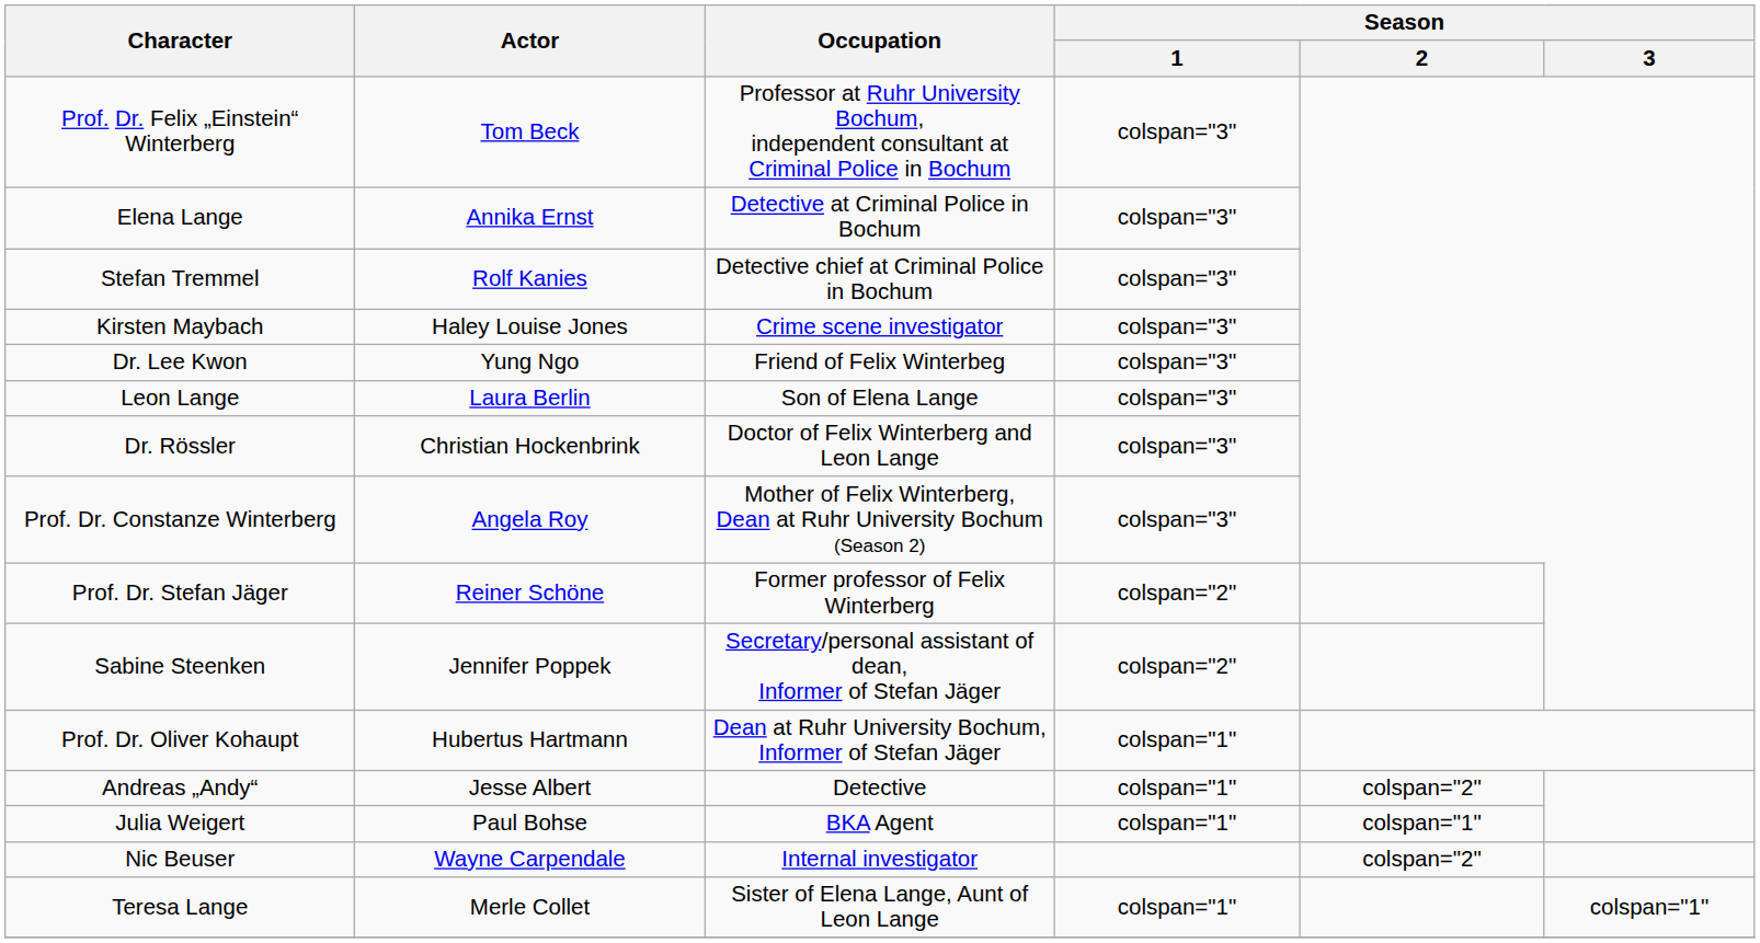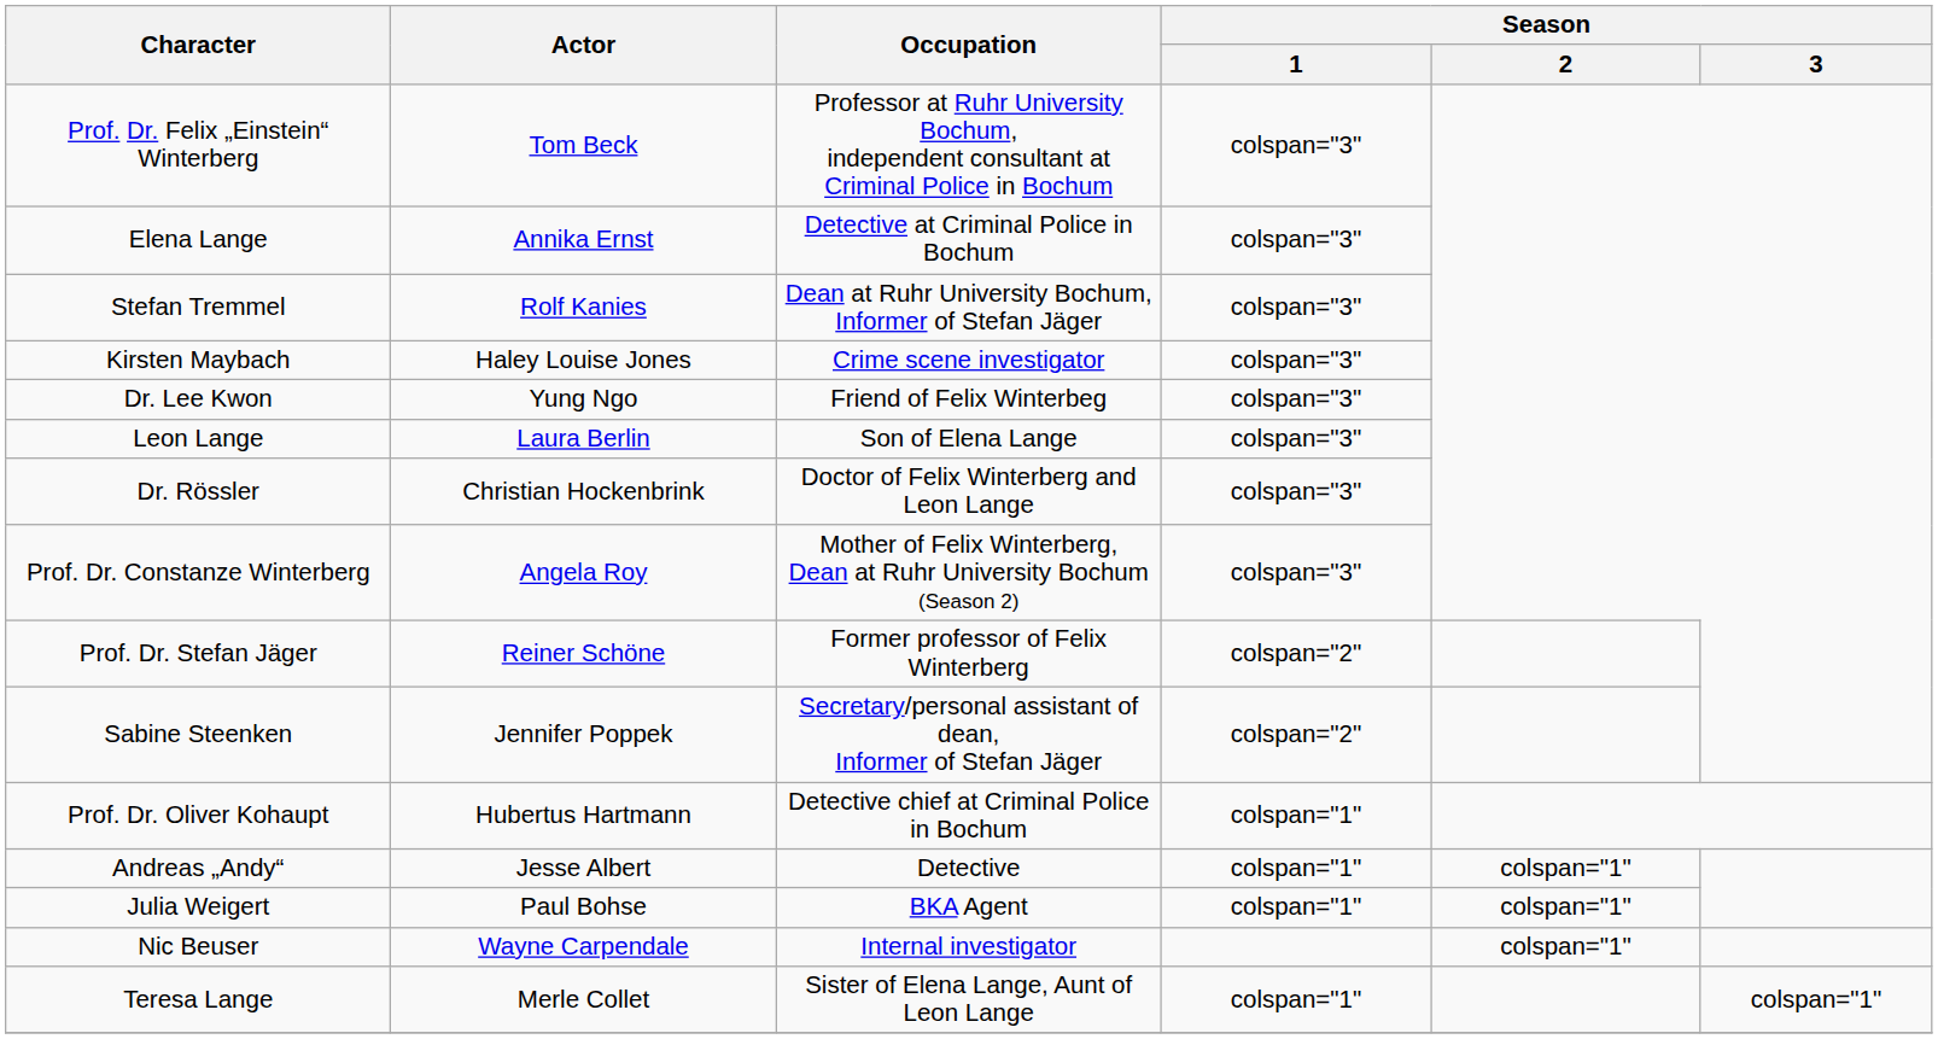 <table class="wikitable plainrowheaders" style="text-align:center">
 <tr>
 <th rowspan="2" style="width:20%;" scope="col">Character</th>
 <th rowspan="2" style="width:20%;" scope="col">Actor</th>
 <th rowspan="2" style="width:20%;" scope="col">Occupation</th>
 <th colspan="8">Season</th>
 </tr>
 <tr>
 <th style="width:14%;" scope="col">1</th>
 <th style="width:14%;" scope="col">2</th>
 <th style="width:14%;" scope="col">3</th>
 </tr>
 <tr>
 <td><a href='#'>Prof.</a> <a href='#'>Dr.</a> Felix „Einstein“ Winterberg</td>
 <td><a href='#'>Tom Beck</a></td>
 <td>Professor at <a href='#'>Ruhr University Bochum</a>, <br> independent consultant at <a href='#'>Criminal Police</a> in <a href='#'>Bochum</a></td>
 <td>colspan="3" </td>
 </tr>
 <tr>
 <td>Elena Lange</td>
 <td><a href='#'>Annika Ernst</a></td>
 <td><a href='#'>Detective</a> at Criminal Police in Bochum</td>
 <td>colspan="3" </td>
 </tr>
 <tr>
 <td>Stefan Tremmel</td>
 <td><a href='#'>Rolf Kanies</a></td>
-<td>Detective chief at Criminal Police in Bochum</td>
+<td><a href='#'>Dean</a> at Ruhr University Bochum,<br><a href='#'>Informer</a> of Stefan Jäger</td>
 <td>colspan="3" </td>
 </tr>
 <tr>
 <td>Kirsten Maybach</td>
 <td>Haley Louise Jones</td>
 <td><a href='#'>Crime scene investigator</a></td>
 <td>colspan="3" </td>
 </tr>
 <tr>
 <td>Dr. Lee Kwon</td>
 <td>Yung Ngo</td>
 <td>Friend of Felix Winterbeg</td>
 <td>colspan="3" </td>
 </tr>
 <tr>
 <td>Leon Lange</td>
 <td><a href='#'>Laura Berlin</a></td>
 <td>Son of Elena Lange</td>
 <td>colspan="3" </td>
 </tr>
 <tr>
 <td>Dr. Rössler</td>
 <td>Christian Hockenbrink</td>
 <td>Doctor of Felix Winterberg and Leon Lange</td>
 <td>colspan="3" </td>
 </tr>
 <tr>
 <td>Prof. Dr. Constanze Winterberg</td>
 <td><a href='#'>Angela Roy</a></td>
 <td>Mother of Felix Winterberg,<br> <a href='#'>Dean</a> at Ruhr University Bochum <small>(Season 2)</small></td>
 <td>colspan="3" </td>
 </tr>
 <tr>
 <td>Prof. Dr. Stefan Jäger</td>
 <td><a href='#'>Reiner Schöne</a></td>
 <td>Former professor of Felix Winterberg</td>
 <td>colspan="2" </td>
 <td colspan="1"></td>
 </tr>
 <tr>
 <td>Sabine Steenken</td>
 <td>Jennifer Poppek</td>
 <td><a href='#'>Secretary</a>/personal assistant of dean,<br><a href='#'>Informer</a> of Stefan Jäger</td>
 <td>colspan="2" </td>
 <td colspan="1"></td>
 </tr>
 <tr>
 <td>Prof. Dr. Oliver Kohaupt</td>
 <td>Hubertus Hartmann</td>
-<td><a href='#'>Dean</a> at Ruhr University Bochum,<br><a href='#'>Informer</a> of Stefan Jäger</td>
+<td>Detective chief at Criminal Police in Bochum</td>
 <td>colspan="1" </td>
 <td colspan="2"></td>
 </tr>
 <tr>
 <td>Andreas „Andy“</td>
 <td>Jesse Albert</td>
 <td>Detective</td>
 <td>colspan="1" </td>
-<td>colspan="2" </td>
+<td>colspan="1" </td>
 </tr>
 <tr>
 <td>Julia Weigert</td>
 <td>Paul Bohse</td>
 <td><a href='#'>BKA</a> Agent</td>
 <td>colspan="1" </td>
 <td>colspan="1" </td>
 </tr>
 <tr>
 <td>Nic Beuser</td>
 <td><a href='#'>Wayne Carpendale</a></td>
 <td><a href='#'>Internal investigator</a></td>
 <td colspan="1"></td>
-<td>colspan="2" </td>
+<td>colspan="1" </td>
 <td colspan="1"></td>
 </tr>
 <tr>
 <td>Teresa Lange</td>
 <td>Merle Collet</td>
 <td>Sister of Elena Lange, Aunt of Leon Lange</td>
 <td>colspan="1" </td>
 <td colspan="1"></td>
 <td>colspan="1" </td>
 </tr>
 <tr>
 </tr>
 </table>
